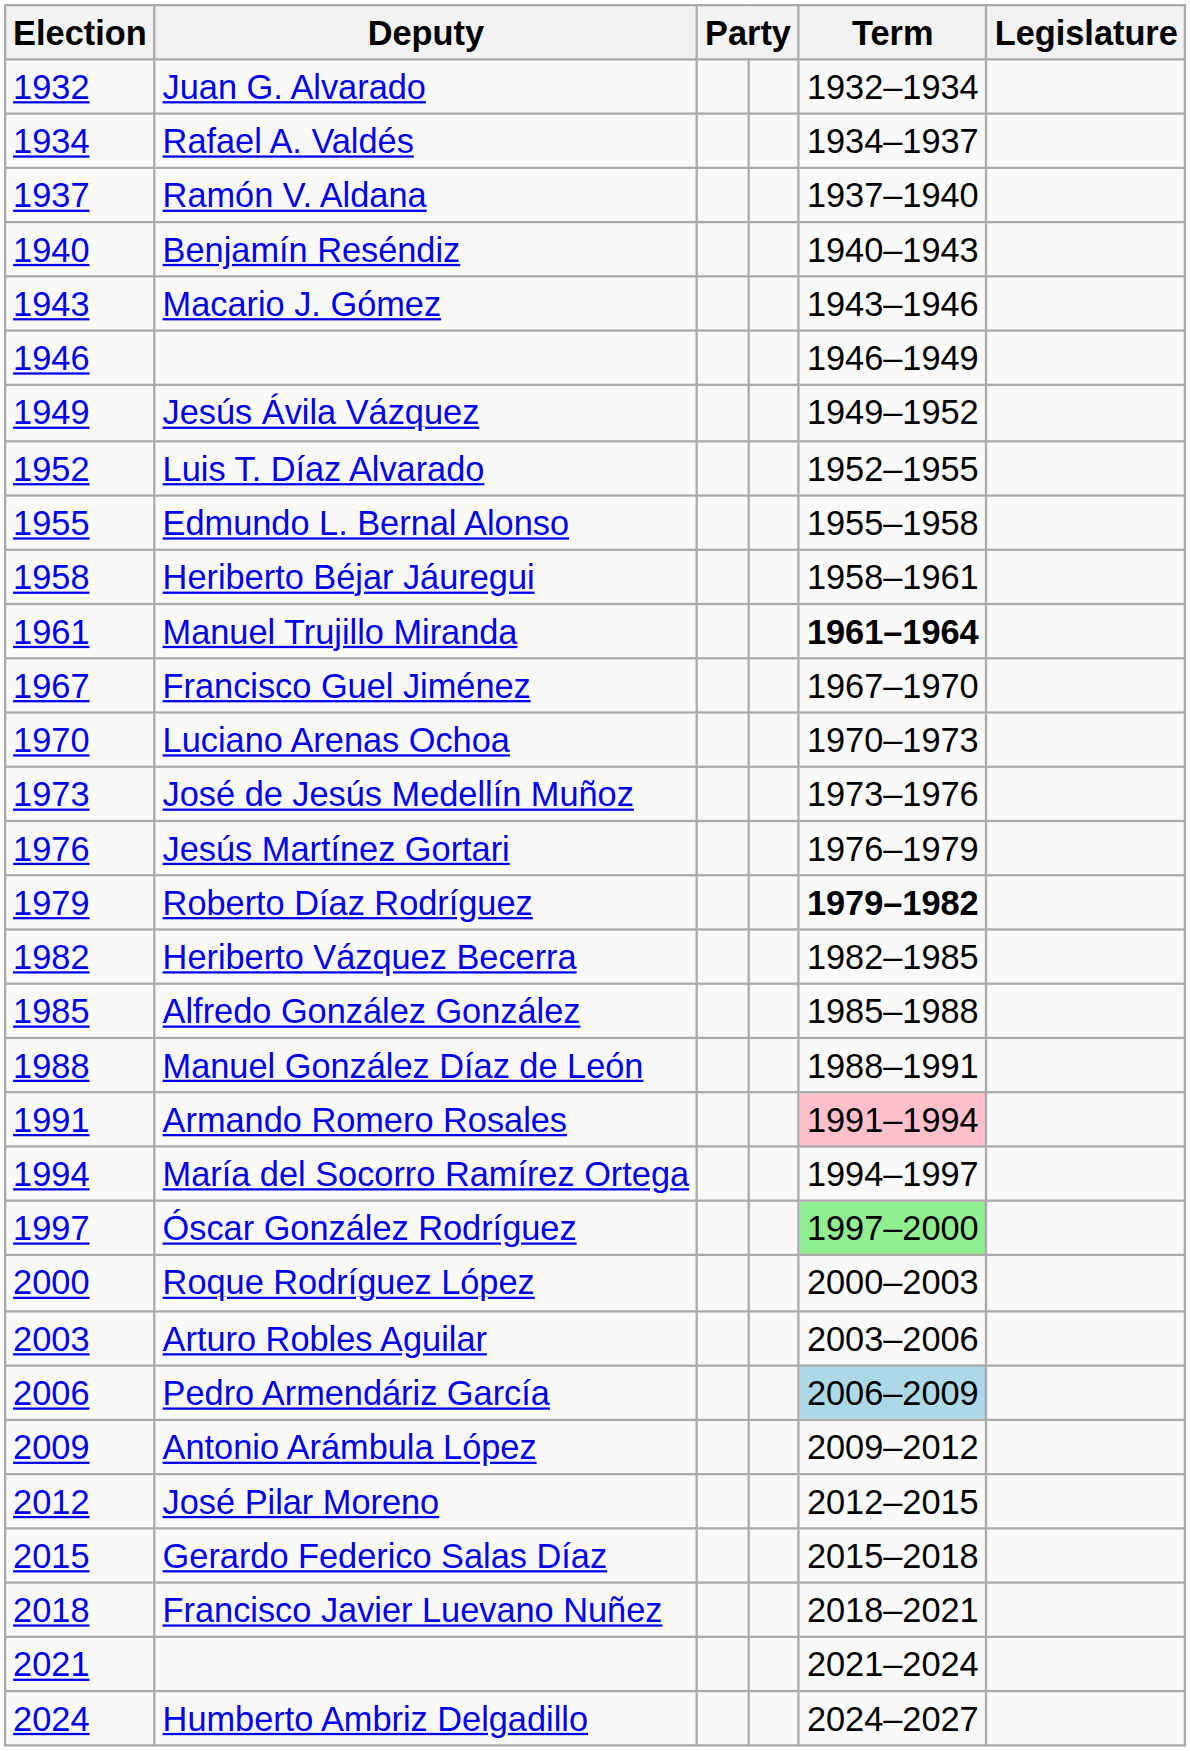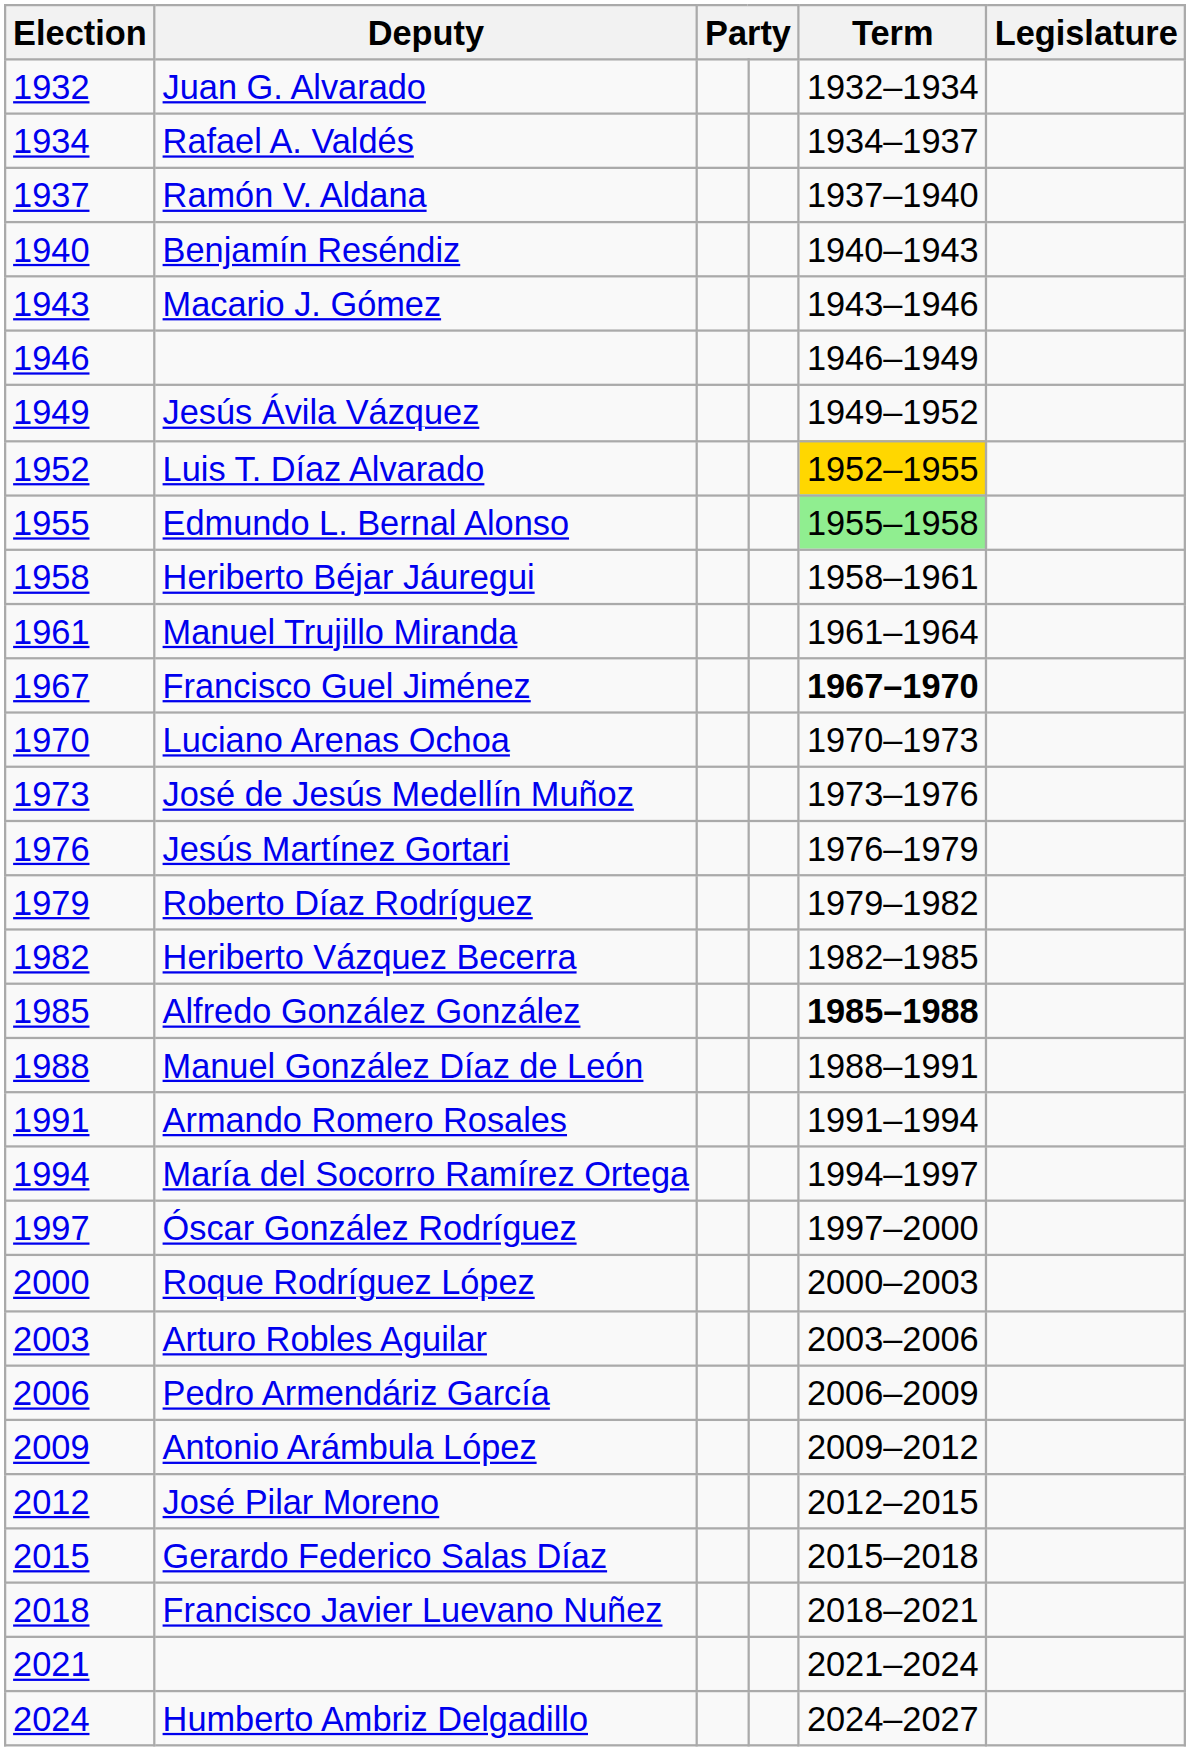 <table class="wikitable sortable" style="font-size:95%;">
 <tr>
 <th>Election</th>
 <th>Deputy</th>
 <th colspan="2">Party</th>
 <th>Term</th>
 <th>Legislature</th>
 </tr>
 <tr>
 <td><a href='#'>1932</a></td>
 <td><a href='#'>Juan G. Alvarado</a></td>
 <td style="background:"></td>
 <td></td>
 <td>1932–1934</td>
 <td></td>
 </tr>
 <tr>
 <td><a href='#'>1934</a></td>
 <td><a href='#'>Rafael A. Valdés</a></td>
 <td style="background:"></td>
 <td></td>
 <td>1934–1937</td>
 <td></td>
 </tr>
 <tr>
 <td><a href='#'>1937</a></td>
 <td><a href='#'>Ramón V. Aldana</a></td>
 <td style="background:"></td>
 <td></td>
 <td>1937–1940</td>
 <td></td>
 </tr>
 <tr>
 <td><a href='#'>1940</a></td>
 <td><a href='#'>Benjamín Reséndiz</a></td>
 <td style="background:"></td>
 <td></td>
 <td>1940–1943</td>
 <td></td>
 </tr>
 <tr>
 <td><a href='#'>1943</a></td>
 <td><a href='#'>Macario J. Gómez</a></td>
 <td style="background:"></td>
 <td></td>
 <td>1943–1946</td>
 <td></td>
 </tr>
 <tr>
 <td><a href='#'>1946</a></td>
 <td></td>
 <td style="background:"></td>
 <td></td>
 <td>1946–1949</td>
 <td></td>
 </tr>
 <tr>
 <td><a href='#'>1949</a></td>
 <td><a href='#'>Jesús Ávila Vázquez</a></td>
 <td style="background:"></td>
 <td></td>
 <td>1949–1952</td>
 <td></td>
 </tr>
 <tr>
 <td><a href='#'>1952</a></td>
 <td><a href='#'>Luis T. Díaz Alvarado</a></td>
 <td style="background:"></td>
 <td></td>
-<td>1952–1955</td>
+<td style="background: gold;">1952–1955</td>
 <td></td>
 </tr>
 <tr>
 <td><a href='#'>1955</a></td>
 <td><a href='#'>Edmundo L. Bernal Alonso</a></td>
 <td style="background:"></td>
 <td></td>
-<td>1955–1958</td>
+<td style="background: lightgreen;">1955–1958</td>
 <td></td>
 </tr>
 <tr>
 <td><a href='#'>1958</a></td>
 <td><a href='#'>Heriberto Béjar Jáuregui</a></td>
 <td style="background:"></td>
 <td></td>
 <td>1958–1961</td>
 <td></td>
 </tr>
 <tr>
 <td><a href='#'>1961</a></td>
 <td><a href='#'>Manuel Trujillo Miranda</a></td>
 <td style="background:"></td>
 <td></td>
-<td><strong>1961–1964</strong></td>
+<td>1961–1964</td>
 <td></td>
 </tr>
 <tr>
 <td><a href='#'>1967</a></td>
 <td><a href='#'>Francisco Guel Jiménez</a></td>
 <td style="background:"></td>
 <td></td>
-<td>1967–1970</td>
+<td><strong>1967–1970</strong></td>
 <td></td>
 </tr>
 <tr>
 <td><a href='#'>1970</a></td>
 <td><a href='#'>Luciano Arenas Ochoa</a></td>
 <td style="background:"></td>
 <td></td>
 <td>1970–1973</td>
 <td></td>
 </tr>
 <tr>
 <td><a href='#'>1973</a></td>
 <td><a href='#'>José de Jesús Medellín Muñoz</a></td>
 <td style="background:"></td>
 <td></td>
 <td>1973–1976</td>
 <td></td>
 </tr>
 <tr>
 <td><a href='#'>1976</a></td>
 <td><a href='#'>Jesús Martínez Gortari</a></td>
 <td style="background:"></td>
 <td></td>
 <td>1976–1979</td>
 <td></td>
 </tr>
 <tr>
 <td><a href='#'>1979</a></td>
 <td><a href='#'>Roberto Díaz Rodríguez</a></td>
 <td style="background:"></td>
 <td></td>
-<td><strong>1979–1982</strong></td>
+<td>1979–1982</td>
 <td></td>
 </tr>
 <tr>
 <td><a href='#'>1982</a></td>
 <td><a href='#'>Heriberto Vázquez Becerra</a></td>
 <td style="background:"></td>
 <td></td>
 <td>1982–1985</td>
 <td></td>
 </tr>
 <tr>
 <td><a href='#'>1985</a></td>
 <td><a href='#'>Alfredo González González</a></td>
 <td style="background:"></td>
 <td></td>
-<td>1985–1988</td>
+<td><strong>1985–1988</strong></td>
 <td></td>
 </tr>
 <tr>
 <td><a href='#'>1988</a></td>
 <td><a href='#'>Manuel González Díaz de León</a></td>
 <td style="background:"></td>
 <td></td>
 <td>1988–1991</td>
 <td></td>
 </tr>
 <tr>
 <td><a href='#'>1991</a></td>
 <td><a href='#'>Armando Romero Rosales</a></td>
 <td style="background:"></td>
 <td></td>
-<td style="background: pink;">1991–1994</td>
+<td>1991–1994</td>
 <td></td>
 </tr>
 <tr>
 <td><a href='#'>1994</a></td>
 <td><a href='#'>María del Socorro Ramírez Ortega</a></td>
 <td style="background:"></td>
 <td></td>
 <td>1994–1997</td>
 <td></td>
 </tr>
 <tr>
 <td><a href='#'>1997</a></td>
 <td><a href='#'>Óscar González Rodríguez</a></td>
 <td style="background:"></td>
 <td></td>
-<td style="background: lightgreen;">1997–2000</td>
+<td>1997–2000</td>
 <td></td>
 </tr>
 <tr>
 <td><a href='#'>2000</a></td>
 <td><a href='#'>Roque Rodríguez López</a></td>
 <td style="background:"></td>
 <td></td>
 <td>2000–2003</td>
 <td></td>
 </tr>
 <tr>
 <td><a href='#'>2003</a></td>
 <td><a href='#'>Arturo Robles Aguilar</a></td>
 <td style="background:"></td>
 <td></td>
 <td>2003–2006</td>
 <td></td>
 </tr>
 <tr>
 <td><a href='#'>2006</a></td>
 <td><a href='#'>Pedro Armendáriz García</a></td>
 <td style="background:"></td>
 <td></td>
-<td style="background: lightblue;">2006–2009</td>
+<td>2006–2009</td>
 <td></td>
 </tr>
 <tr>
 <td><a href='#'>2009</a></td>
 <td><a href='#'>Antonio Arámbula López</a></td>
 <td style="background:"></td>
 <td></td>
 <td>2009–2012</td>
 <td></td>
 </tr>
 <tr>
 <td><a href='#'>2012</a></td>
 <td><a href='#'>José Pilar Moreno</a></td>
 <td style="background:"></td>
 <td></td>
 <td>2012–2015</td>
 <td></td>
 </tr>
 <tr>
 <td><a href='#'>2015</a></td>
 <td><a href='#'>Gerardo Federico Salas Díaz</a></td>
 <td style="background:"></td>
 <td></td>
 <td>2015–2018</td>
 <td></td>
 </tr>
 <tr>
 <td><a href='#'>2018</a></td>
 <td><a href='#'>Francisco Javier Luevano Nuñez</a></td>
 <td style="background:"></td>
 <td></td>
 <td>2018–2021</td>
 <td></td>
 </tr>
 <tr>
 <td><a href='#'>2021</a></td>
 <td></td>
 <td style="background:"></td>
 <td></td>
 <td>2021–2024</td>
 <td></td>
 </tr>
 <tr>
 <td><a href='#'>2024</a></td>
 <td><a href='#'>Humberto Ambriz Delgadillo</a></td>
 <td style="background:"></td>
 <td></td>
 <td>2024–2027</td>
 <td></td>
 </tr>
 </table>
